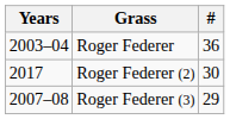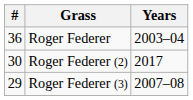 <table class="wikitable" style="display:inline-table;">
 <tr>
+<th>#</th>
+<th>Grass</th>
 <th>Years</th>
-<th>Grass</th>
-<th>#</th>
 </tr>
 <tr>
+<td>36</td>
+<td> Roger Federer</td>
 <td>2003–04</td>
-<td> Roger Federer</td>
-<td>36</td>
 </tr>
 <tr>
+<td>30</td>
+<td> Roger Federer <small>(2)</small></td>
 <td>2017</td>
-<td> Roger Federer <small>(2)</small></td>
-<td>30</td>
 </tr>
 <tr>
+<td>29</td>
+<td> Roger Federer <small>(3)</small></td>
 <td>2007–08</td>
-<td> Roger Federer <small>(3)</small></td>
-<td>29</td>
 </tr>
 </table>
